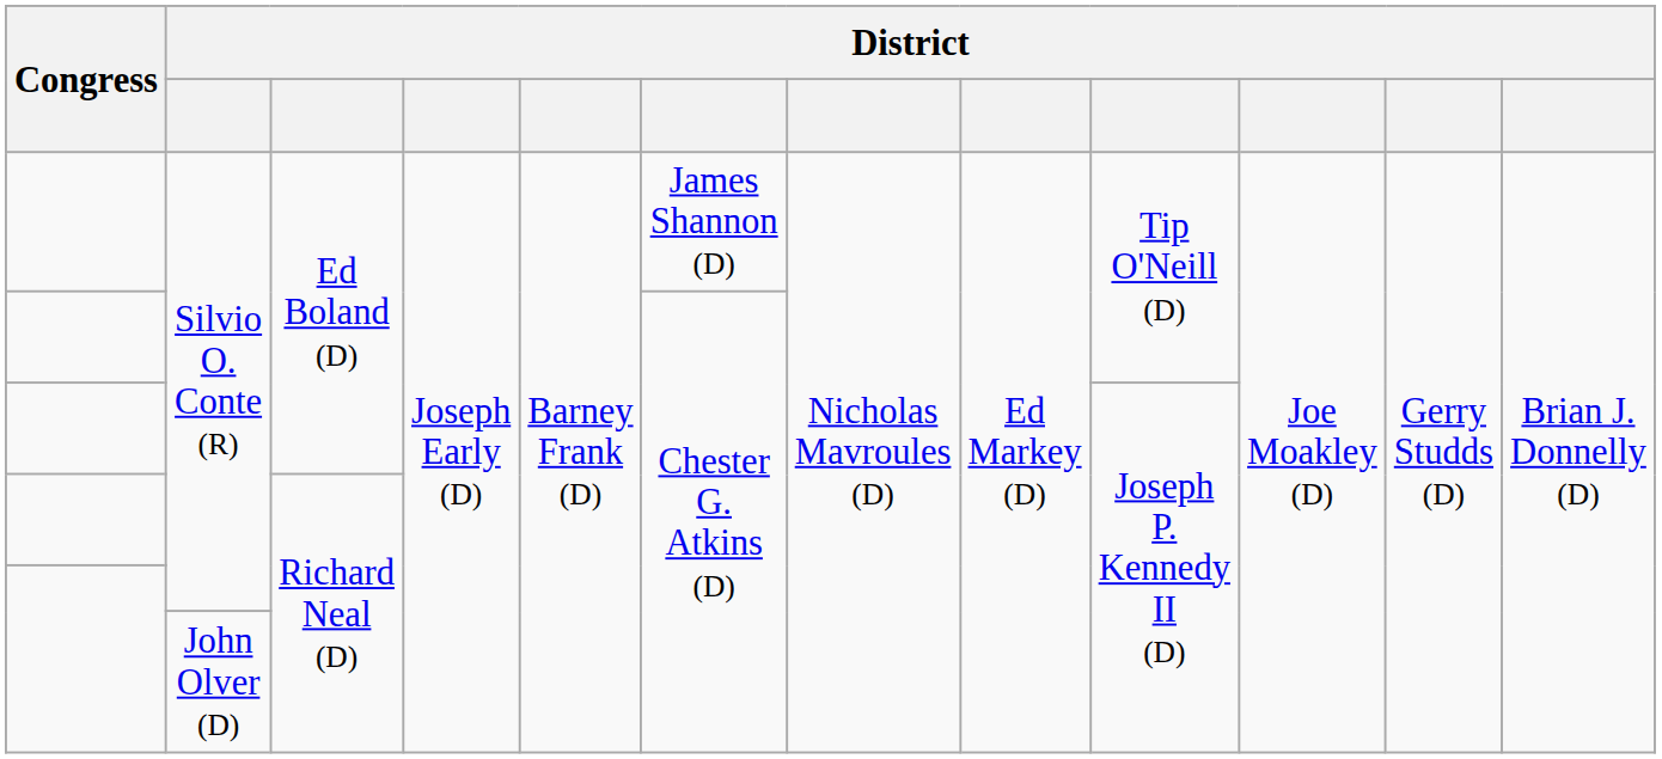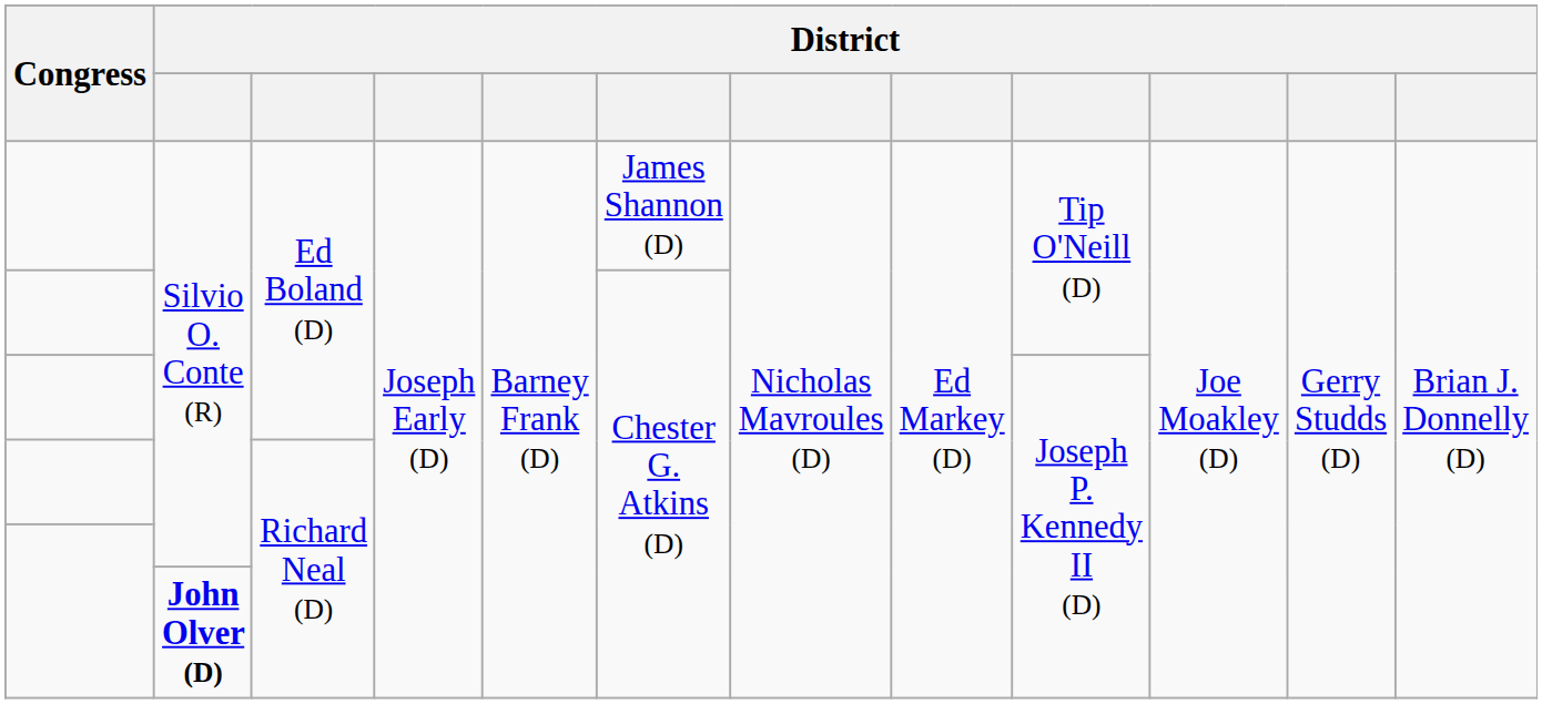 <table class=wikitable style="text-align:center">
 <tr style="height:2em">
 <th rowspan=2>Congress</th>
 <th colspan=11>District</th>
 </tr>
 <tr style="height:2em">
 <th></th>
 <th></th>
 <th></th>
 <th></th>
 <th></th>
 <th></th>
 <th></th>
 <th></th>
 <th></th>
 <th></th>
 <th></th>
 </tr>
 <tr style="height:2.5em">
 <td scope=row><strong></strong> </td>
 <td rowspan=5 ><a href='#'>Silvio O.<br>Conte</a> <small>(R)</small></td>
 <td rowspan=3 ><a href='#'>Ed<br>Boland</a><br><small>(D)</small></td>
 <td rowspan=6 ><a href='#'>Joseph<br>Early</a> <small>(D)</small></td>
 <td rowspan=6 ><a href='#'>Barney<br>Frank</a> <small>(D)</small></td>
 <td><a href='#'>James<br>Shannon</a> <small>(D)</small></td>
 <td rowspan=6 ><a href='#'>Nicholas<br>Mavroules</a><br><small>(D)</small></td>
 <td rowspan=6 ><a href='#'>Ed<br>Markey</a><br><small>(D)</small></td>
 <td rowspan=2 ><a href='#'>Tip<br>O'Neill</a> <small>(D)</small></td>
 <td rowspan=6 ><a href='#'>Joe<br>Moakley</a><br><small>(D)</small></td>
 <td rowspan=6 ><a href='#'>Gerry<br>Studds</a><br><small>(D)</small></td>
 <td rowspan=6 ><a href='#'>Brian J.<br>Donnelly</a><br><small>(D)</small></td>
 </tr>
 <tr style="height:2.5em">
 <td scope=row><strong></strong> </td>
 <td rowspan=5 ><a href='#'>Chester G.<br>Atkins</a> <small>(D)</small></td>
 </tr>
 <tr style="height:2.5em">
 <td scope=row><strong></strong> </td>
 <td rowspan=4 ><a href='#'>Joseph P.<br>Kennedy II</a><br><small>(D)</small></td>
 </tr>
 <tr style="height:2.5em">
 <td scope=row><strong></strong> </td>
 <td rowspan=3 ><a href='#'>Richard<br>Neal</a> <small>(D)</small></td>
 </tr>
 <tr style="height:1.25em">
 <td scope=row rowspan=2><strong></strong> </td>
 </tr>
 <tr style="height:2em">
-<td><a href='#'>John Olver</a> <small>(D)</small></td>
+<td><strong><a href='#'>John Olver</a> <small>(D)</small></strong></td>
 </tr>
 </table>
